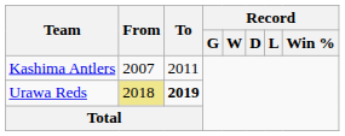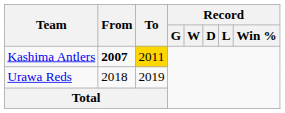 <table class="wikitable" style="text-align: center">
 <tr>
 <th rowspan="2">Team</th>
 <th rowspan="2">From</th>
 <th rowspan="2">To</th>
 <th colspan="5">Record</th>
 </tr>
 <tr>
 <th>G</th>
 <th>W</th>
 <th>D</th>
 <th>L</th>
 <th>Win %</th>
 </tr>
 <tr>
 <td align="left"><a href='#'>Kashima Antlers</a></td>
-<td align="left">2007</td>
-<td align="left">2011<br></td>
+<td align="left"><strong>2007</strong></td>
+<td align="left" style="background: gold;">2011<br></td>
 </tr>
 <tr>
 <td align="left"><a href='#'>Urawa Reds</a></td>
-<td align="left" style="background: khaki;">2018</td>
-<td align="left"><strong>2019<br></strong></td>
+<td align="left">2018</td>
+<td align="left">2019<br></td>
 </tr>
 <tr>
 <th colspan="3">Total<br></th>
 </tr>
 </table>
